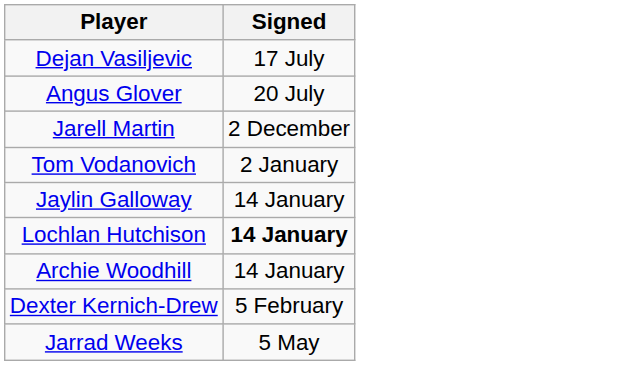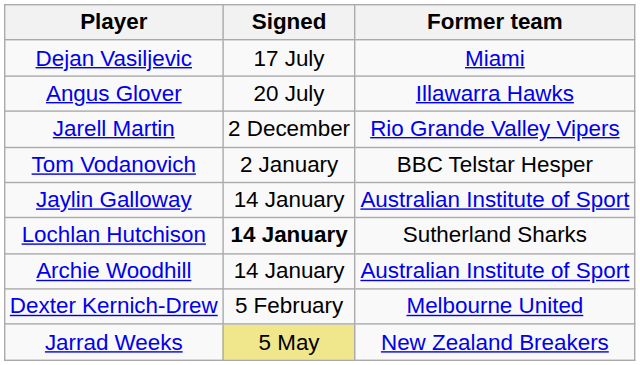 <table class="wikitable sortable sortable" style="text-align: center">
 <tr>
 <th>Player</th>
 <th>Signed</th>
+<th>Former team</th>
 </tr>
 <tr>
 <td><a href='#'>Dejan Vasiljevic</a></td>
 <td>17 July</td>
+<td><a href='#'>Miami</a></td>
 </tr>
 <tr>
 <td><a href='#'>Angus Glover</a></td>
 <td>20 July</td>
+<td><a href='#'>Illawarra Hawks</a></td>
 </tr>
 <tr>
 <td><a href='#'>Jarell Martin</a></td>
 <td>2 December</td>
+<td><a href='#'>Rio Grande Valley Vipers</a></td>
 </tr>
 <tr>
 <td><a href='#'>Tom Vodanovich</a></td>
 <td>2 January</td>
+<td>BBC Telstar Hesper</td>
 </tr>
 <tr>
 <td><a href='#'>Jaylin Galloway</a></td>
 <td>14 January</td>
+<td><a href='#'>Australian Institute of Sport</a></td>
 </tr>
 <tr>
 <td><a href='#'>Lochlan Hutchison</a></td>
 <td><strong>14 January</strong></td>
+<td>Sutherland Sharks</td>
 </tr>
 <tr>
 <td><a href='#'>Archie Woodhill</a></td>
 <td>14 January</td>
+<td><a href='#'>Australian Institute of Sport</a></td>
 </tr>
 <tr>
 <td><a href='#'>Dexter Kernich-Drew</a></td>
 <td>5 February</td>
+<td><a href='#'>Melbourne United</a></td>
 </tr>
 <tr>
 <td><a href='#'>Jarrad Weeks</a></td>
-<td>5 May</td>
+<td style="background: khaki;">5 May</td>
+<td><a href='#'>New Zealand Breakers</a></td>
 </tr>
 </table>
